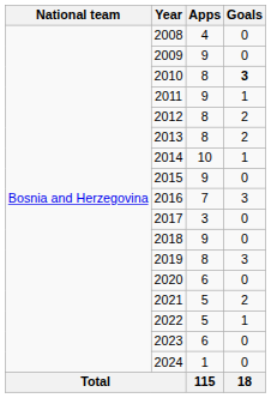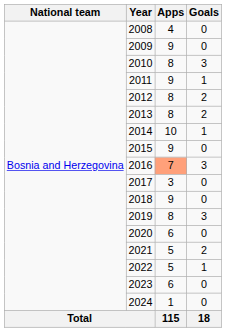 <table class="wikitable" style="text-align:center">
 <tr>
 <th>National team</th>
 <th>Year</th>
 <th>Apps</th>
 <th>Goals</th>
 </tr>
 <tr>
 <td rowspan="17"><a href='#'>Bosnia and Herzegovina</a></td>
 <td>2008</td>
 <td>4</td>
 <td>0</td>
 </tr>
 <tr>
 <td>2009</td>
 <td>9</td>
 <td>0</td>
 </tr>
 <tr>
 <td>2010</td>
 <td>8</td>
-<td><strong>3</strong></td>
+<td>3</td>
 </tr>
 <tr>
 <td>2011</td>
 <td>9</td>
 <td>1</td>
 </tr>
 <tr>
 <td>2012</td>
 <td>8</td>
 <td>2</td>
 </tr>
 <tr>
 <td>2013</td>
 <td>8</td>
 <td>2</td>
 </tr>
 <tr>
 <td>2014</td>
 <td>10</td>
 <td>1</td>
 </tr>
 <tr>
 <td>2015</td>
 <td>9</td>
 <td>0</td>
 </tr>
 <tr>
 <td>2016</td>
-<td>7</td>
+<td style="background: lightsalmon;">7</td>
 <td>3</td>
 </tr>
 <tr>
 <td>2017</td>
 <td>3</td>
 <td>0</td>
 </tr>
 <tr>
 <td>2018</td>
 <td>9</td>
 <td>0</td>
 </tr>
 <tr>
 <td>2019</td>
 <td>8</td>
 <td>3</td>
 </tr>
 <tr>
 <td>2020</td>
 <td>6</td>
 <td>0</td>
 </tr>
 <tr>
 <td>2021</td>
 <td>5</td>
 <td>2</td>
 </tr>
 <tr>
 <td>2022</td>
 <td>5</td>
 <td>1</td>
 </tr>
 <tr>
 <td>2023</td>
 <td>6</td>
 <td>0</td>
 </tr>
 <tr>
 <td>2024</td>
 <td>1</td>
 <td>0</td>
 </tr>
 <tr>
 <th colspan="2">Total</th>
 <th>115</th>
 <th>18</th>
 </tr>
 </table>
